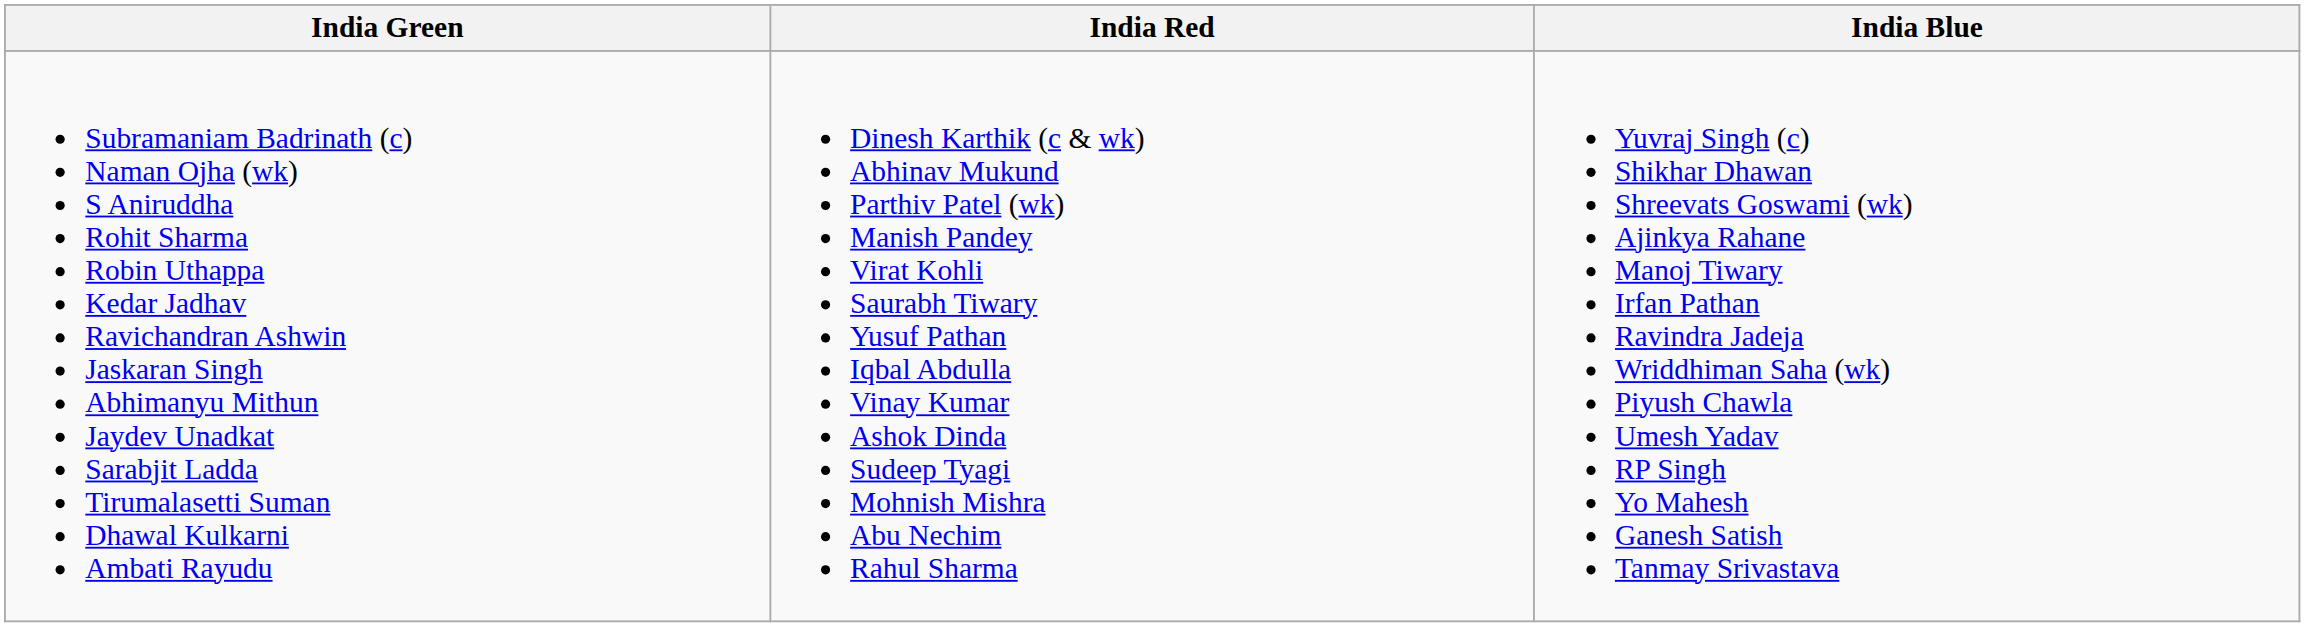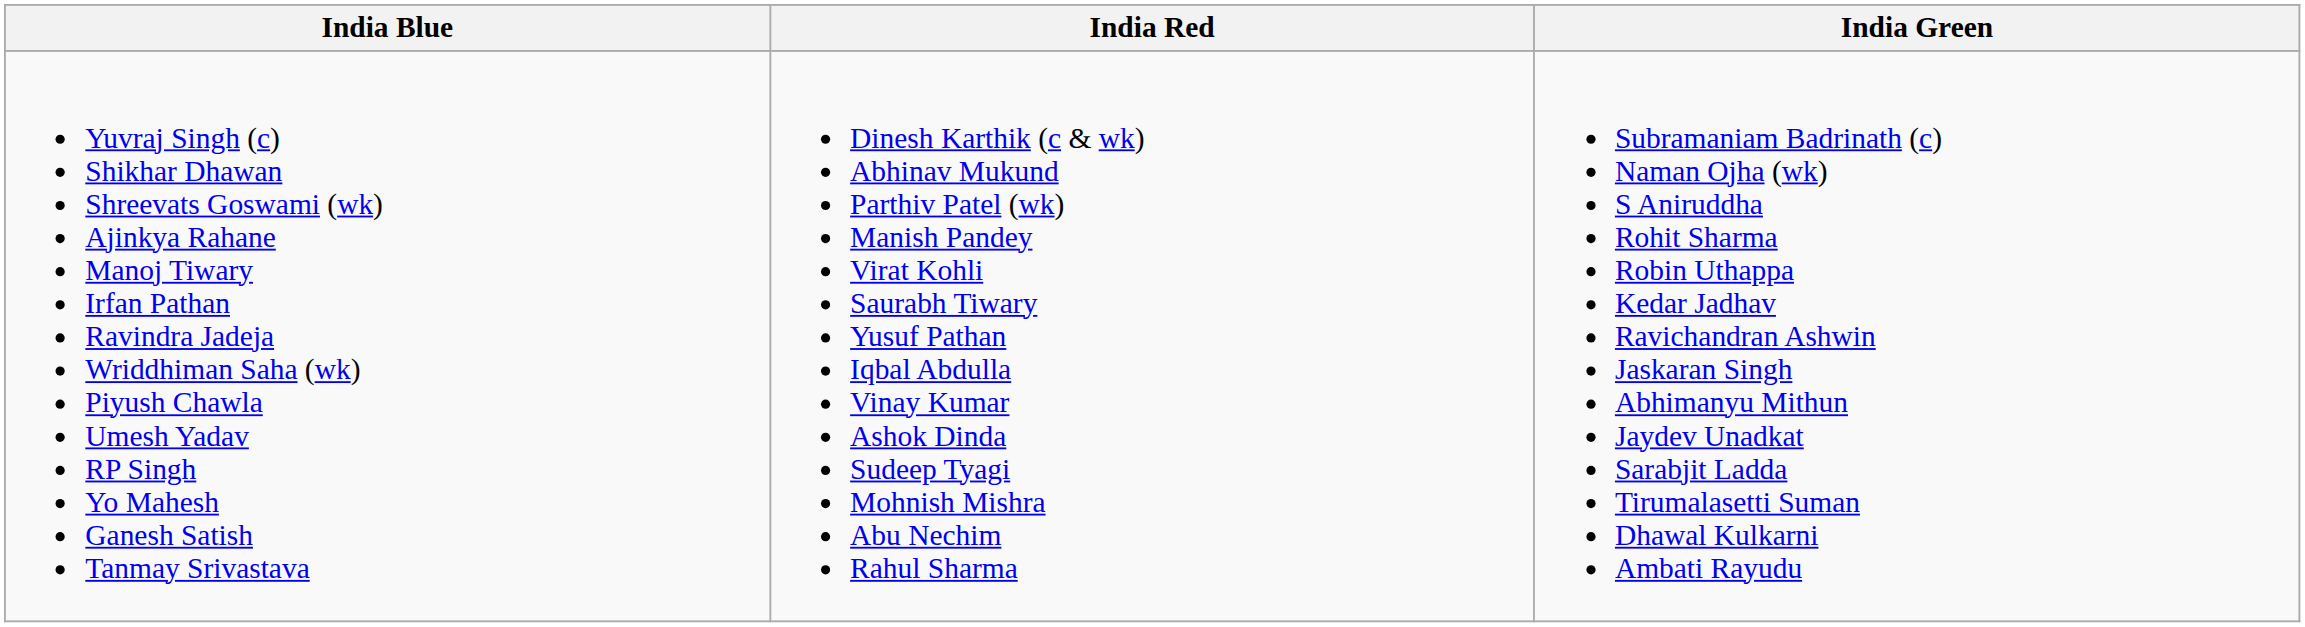 <table class="wikitable">
 <tr>
+<th style="width:15%;"> India Blue</th>
+<th style="width:15%;"> India Red </th>
 <th style="width:15%;"> India Green</th>
-<th style="width:15%;"> India Red </th>
-<th style="width:15%;"> India Blue</th>
 </tr>
 <tr style="vertical-align:top">
+<td><br><ul><li><a href='#'>Yuvraj Singh</a> (<a href='#'>c</a>)</li><li><a href='#'>Shikhar Dhawan</a></li><li><a href='#'>Shreevats Goswami</a> (<a href='#'>wk</a>)</li><li><a href='#'>Ajinkya Rahane</a></li><li><a href='#'>Manoj Tiwary</a></li><li><a href='#'>Irfan Pathan</a></li><li><a href='#'>Ravindra Jadeja</a></li><li><a href='#'>Wriddhiman Saha</a> (<a href='#'>wk</a>)</li><li><a href='#'>Piyush Chawla</a></li><li><a href='#'>Umesh Yadav</a></li><li><a href='#'>RP Singh</a></li><li><a href='#'>Yo Mahesh</a></li><li><a href='#'>Ganesh Satish</a></li><li><a href='#'>Tanmay Srivastava</a></li></ul></td>
+<td><br><ul><li><a href='#'>Dinesh Karthik</a> (<a href='#'>c</a> & <a href='#'>wk</a>)</li><li><a href='#'>Abhinav Mukund</a></li><li><a href='#'>Parthiv Patel</a> (<a href='#'>wk</a>)</li><li><a href='#'>Manish Pandey</a></li><li><a href='#'>Virat Kohli</a></li><li><a href='#'>Saurabh Tiwary</a></li><li><a href='#'>Yusuf Pathan</a></li><li><a href='#'>Iqbal Abdulla</a></li><li><a href='#'>Vinay Kumar</a></li><li><a href='#'>Ashok Dinda</a></li><li><a href='#'>Sudeep Tyagi</a></li><li><a href='#'>Mohnish Mishra</a></li><li><a href='#'>Abu Nechim</a></li><li><a href='#'>Rahul Sharma</a></li></ul></td>
 <td><br><ul><li><a href='#'>Subramaniam Badrinath</a> (<a href='#'>c</a>)</li><li><a href='#'>Naman Ojha</a> (<a href='#'>wk</a>)</li><li><a href='#'>S Aniruddha</a></li><li><a href='#'>Rohit Sharma</a></li><li><a href='#'>Robin Uthappa</a></li><li><a href='#'>Kedar Jadhav</a></li><li><a href='#'>Ravichandran Ashwin</a></li><li><a href='#'>Jaskaran Singh</a></li><li><a href='#'>Abhimanyu Mithun</a></li><li><a href='#'>Jaydev Unadkat</a></li><li><a href='#'>Sarabjit Ladda</a></li><li><a href='#'>Tirumalasetti Suman</a></li><li><a href='#'>Dhawal Kulkarni</a></li><li><a href='#'>Ambati Rayudu</a></li></ul></td>
-<td><br><ul><li><a href='#'>Dinesh Karthik</a> (<a href='#'>c</a> & <a href='#'>wk</a>)</li><li><a href='#'>Abhinav Mukund</a></li><li><a href='#'>Parthiv Patel</a> (<a href='#'>wk</a>)</li><li><a href='#'>Manish Pandey</a></li><li><a href='#'>Virat Kohli</a></li><li><a href='#'>Saurabh Tiwary</a></li><li><a href='#'>Yusuf Pathan</a></li><li><a href='#'>Iqbal Abdulla</a></li><li><a href='#'>Vinay Kumar</a></li><li><a href='#'>Ashok Dinda</a></li><li><a href='#'>Sudeep Tyagi</a></li><li><a href='#'>Mohnish Mishra</a></li><li><a href='#'>Abu Nechim</a></li><li><a href='#'>Rahul Sharma</a></li></ul></td>
-<td><br><ul><li><a href='#'>Yuvraj Singh</a> (<a href='#'>c</a>)</li><li><a href='#'>Shikhar Dhawan</a></li><li><a href='#'>Shreevats Goswami</a> (<a href='#'>wk</a>)</li><li><a href='#'>Ajinkya Rahane</a></li><li><a href='#'>Manoj Tiwary</a></li><li><a href='#'>Irfan Pathan</a></li><li><a href='#'>Ravindra Jadeja</a></li><li><a href='#'>Wriddhiman Saha</a> (<a href='#'>wk</a>)</li><li><a href='#'>Piyush Chawla</a></li><li><a href='#'>Umesh Yadav</a></li><li><a href='#'>RP Singh</a></li><li><a href='#'>Yo Mahesh</a></li><li><a href='#'>Ganesh Satish</a></li><li><a href='#'>Tanmay Srivastava</a></li></ul></td>
 </tr>
 </table>
